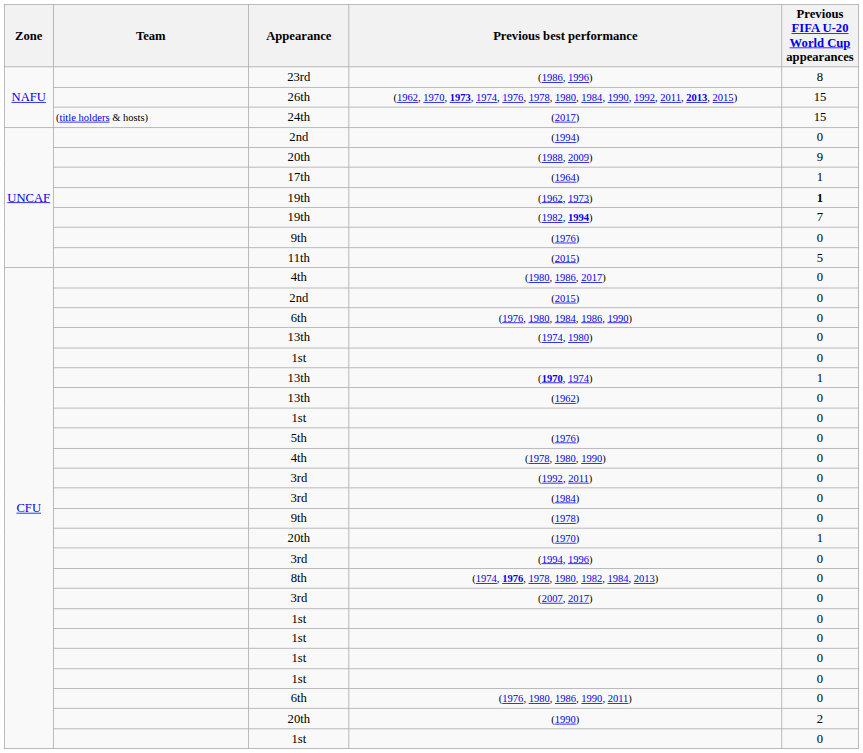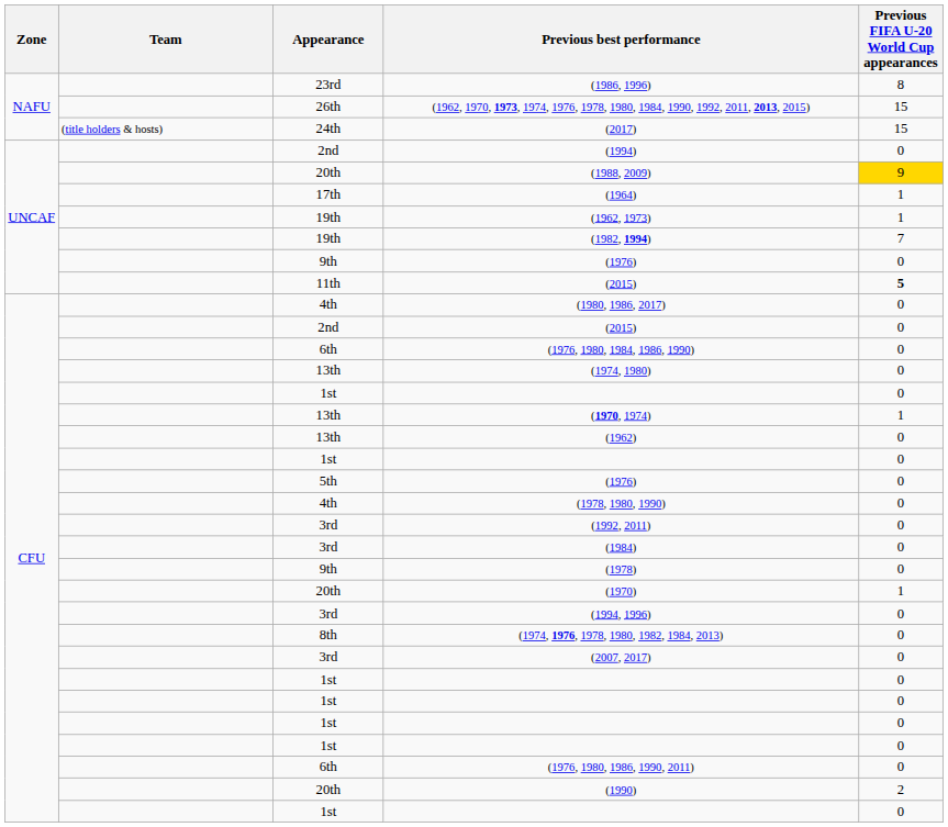 <table class="wikitable sortable">
 <tr>
 <th>Zone</th>
 <th width=240px>Team</th>
 <th width=120px data-sort-type="number">Appearance</th>
 <th width=540px>Previous best performance</th>
 <th width=90px>Previous <a href='#'>FIFA U-20 World Cup</a> appearances</th>
 </tr>
 <tr>
 <td align=center rowspan=3><a href='#'>NAFU</a></td>
 <td align=left></td>
 <td align=center>23rd</td>
 <td align=center> <small>(<a href='#'>1986</a>, <a href='#'>1996</a>)</small></td>
 <td align=center>8</td>
 </tr>
 <tr>
 <td align=left></td>
 <td align=center>26th</td>
 <td align=center> <small>(<a href='#'>1962</a>, <a href='#'>1970</a>, <strong><a href='#'>1973</a></strong>, <a href='#'>1974</a>, <a href='#'>1976</a>, <a href='#'>1978</a>, <a href='#'>1980</a>, <a href='#'>1984</a>, <a href='#'>1990</a>, <a href='#'>1992</a>, <a href='#'>2011</a>, <strong><a href='#'>2013</a></strong>, <a href='#'>2015</a>)</small></td>
 <td align=center>15</td>
 </tr>
 <tr>
 <td align=left> <small>(<a href='#'>title holders</a> & hosts)</small></td>
 <td align=center>24th</td>
 <td align=center> <small>(<a href='#'>2017</a>)</small></td>
 <td align=center>15</td>
 </tr>
 <tr>
 <td align=center rowspan=7><a href='#'>UNCAF</a></td>
 <td align=left></td>
 <td align=center>2nd</td>
 <td align=center> <small>(<a href='#'>1994</a>)</small></td>
 <td align=center>0</td>
 </tr>
 <tr>
 <td align=left></td>
 <td align=center>20th</td>
 <td align=center> <small> (<a href='#'>1988</a>, <a href='#'>2009</a>)</small></td>
-<td align=center>9</td>
+<td align=center style="background: gold;">9</td>
 </tr>
 <tr>
 <td align=left></td>
 <td align=center>17th</td>
 <td align=center> <small> (<a href='#'>1964</a>)</small></td>
 <td align=center>1</td>
 </tr>
 <tr>
 <td align=left></td>
 <td align=center>19th</td>
 <td align=center> <small> (<a href='#'>1962</a>, <a href='#'>1973</a>)</small></td>
-<td align=center><strong>1</strong></td>
+<td align=center>1</td>
 </tr>
 <tr>
 <td align=left></td>
 <td align=center>19th</td>
 <td align=center> <small> (<a href='#'>1982</a>, <strong><a href='#'>1994</a></strong>)</small></td>
 <td align=center>7</td>
 </tr>
 <tr>
 <td align=left></td>
 <td align=center>9th</td>
 <td align=center> <small> (<a href='#'>1976</a>)</small></td>
 <td align=center>0</td>
 </tr>
 <tr>
 <td align=left></td>
 <td align=center>11th</td>
 <td align=center> <small> (<a href='#'>2015</a>)</small></td>
-<td align=center>5</td>
+<td align=center><strong>5</strong></td>
 </tr>
 <tr>
 <td align=center rowspan=24><a href='#'>CFU</a></td>
 <td align=left></td>
 <td align=center>4th</td>
 <td align=center> <small> (<a href='#'>1980</a>, <a href='#'>1986</a>, <a href='#'>2017</a>)</small></td>
 <td align=center>0</td>
 </tr>
 <tr>
 <td align=left></td>
 <td align=center>2nd</td>
 <td align=center> <small> (<a href='#'>2015</a>)</small></td>
 <td align=center>0</td>
 </tr>
 <tr>
 <td align=left></td>
 <td align=center>6th</td>
 <td align=center> <small> (<a href='#'>1976</a>, <a href='#'>1980</a>, <a href='#'>1984</a>, <a href='#'>1986</a>, <a href='#'>1990</a>)</small></td>
 <td align=center>0</td>
 </tr>
 <tr>
 <td align=left></td>
 <td align=center>13th</td>
 <td align=center> <small> (<a href='#'>1974</a>, <a href='#'>1980</a>)</small></td>
 <td align=center>0</td>
 </tr>
 <tr>
 <td align=left></td>
 <td align=center>1st</td>
 <td align=center></td>
 <td align=center>0</td>
 </tr>
 <tr>
 <td align=left></td>
 <td align=center>13th</td>
 <td align=center> <small> (<strong><a href='#'>1970</a></strong>, <a href='#'>1974</a>)</small></td>
 <td align=center>1</td>
 </tr>
 <tr>
 <td align=left></td>
 <td align=center>13th</td>
 <td align=center> <small> (<a href='#'>1962</a>)</small></td>
 <td align=center>0</td>
 </tr>
 <tr>
 <td align=left></td>
 <td align=center>1st</td>
 <td align=center></td>
 <td align=center>0</td>
 </tr>
 <tr>
 <td align=left></td>
 <td align=center>5th</td>
 <td align=center> <small> (<a href='#'>1976</a>)</small></td>
 <td align=center>0</td>
 </tr>
 <tr>
 <td align=left></td>
 <td align=center>4th</td>
 <td align=center> <small> (<a href='#'>1978</a>, <a href='#'>1980</a>, <a href='#'>1990</a>)</small></td>
 <td align=center>0</td>
 </tr>
 <tr>
 <td align=left></td>
 <td align=center>3rd</td>
 <td align=center> <small> (<a href='#'>1992</a>, <a href='#'>2011</a>)</small></td>
 <td align=center>0</td>
 </tr>
 <tr>
 <td align=left></td>
 <td align=center>3rd</td>
 <td align=center> <small> (<a href='#'>1984</a>)</small></td>
 <td align=center>0</td>
 </tr>
 <tr>
 <td align=left></td>
 <td align=center>9th</td>
 <td align=center> <small> (<a href='#'>1978</a>)</small></td>
 <td align=center>0</td>
 </tr>
 <tr>
 <td align=left></td>
 <td align=center>20th</td>
 <td align=center> <small> (<a href='#'>1970</a>)</small></td>
 <td align=center>1</td>
 </tr>
 <tr>
 <td align=left></td>
 <td align=center>3rd</td>
 <td align=center> <small> (<a href='#'>1994</a>, <a href='#'>1996</a>)</small></td>
 <td align=center>0</td>
 </tr>
 <tr>
 <td align=left></td>
 <td align=center>8th</td>
 <td align=center> <small> (<a href='#'>1974</a>, <strong><a href='#'>1976</a></strong>, <a href='#'>1978</a>, <a href='#'>1980</a>, <a href='#'>1982</a>, <a href='#'>1984</a>, <a href='#'>2013</a>)</small></td>
 <td align=center>0</td>
 </tr>
 <tr>
 <td align=left></td>
 <td align=center>3rd</td>
 <td align=center> <small> (<a href='#'>2007</a>, <a href='#'>2017</a>)</small></td>
 <td align=center>0</td>
 </tr>
 <tr>
 <td align=left></td>
 <td align=center>1st</td>
 <td align=center></td>
 <td align=center>0</td>
 </tr>
 <tr>
 <td align=left></td>
 <td align=center>1st</td>
 <td align=center></td>
 <td align=center>0</td>
 </tr>
 <tr>
 <td align=left></td>
 <td align=center>1st</td>
 <td align=center></td>
 <td align=center>0</td>
 </tr>
 <tr>
 <td align=left></td>
 <td align=center>1st</td>
 <td align=center></td>
 <td align=center>0</td>
 </tr>
 <tr>
 <td align=left></td>
 <td align=center>6th</td>
 <td align=center> <small> (<a href='#'>1976</a>, <a href='#'>1980</a>, <a href='#'>1986</a>, <a href='#'>1990</a>, <a href='#'>2011</a>)</small></td>
 <td align=center>0</td>
 </tr>
 <tr>
 <td align=left></td>
 <td align=center>20th</td>
 <td align=center> <small> (<a href='#'>1990</a>)</small></td>
 <td align=center>2</td>
 </tr>
 <tr>
 <td align=left></td>
 <td align=center>1st</td>
 <td align=center></td>
 <td align=center>0</td>
 </tr>
 </table>
